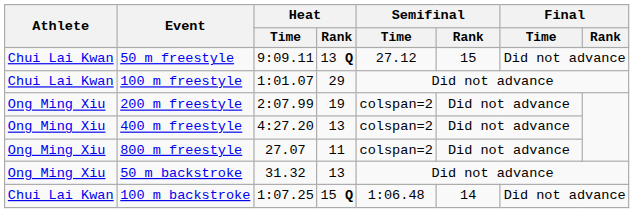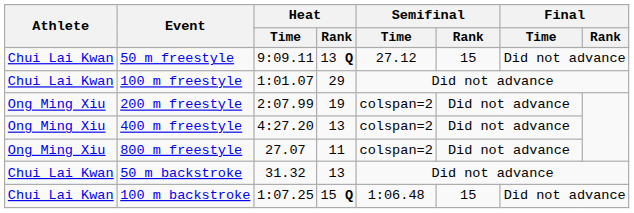 <table class=wikitable style=font-size:90%>
 <tr>
 <th rowspan=2>Athlete</th>
 <th rowspan=2>Event</th>
 <th colspan=2>Heat</th>
 <th colspan=2>Semifinal</th>
 <th colspan=2>Final</th>
 </tr>
 <tr style=font-size:95%>
 <th>Time</th>
 <th>Rank</th>
 <th>Time</th>
 <th>Rank</th>
 <th>Time</th>
 <th>Rank</th>
 </tr>
 <tr align=center>
 <td align=left><a href='#'>Chui Lai Kwan</a></td>
 <td align=left><a href='#'>50 m freestyle</a></td>
 <td>9:09.11</td>
 <td>13 <strong>Q</strong></td>
 <td>27.12</td>
 <td>15</td>
 <td colspan=2>Did not advance</td>
 </tr>
 <tr align=center>
 <td align=left><a href='#'>Chui Lai Kwan</a></td>
 <td align=left><a href='#'>100 m freestyle</a></td>
 <td>1:01.07</td>
 <td>29</td>
 <td colspan=4>Did not advance</td>
 </tr>
 <tr align=center>
 <td align=left><a href='#'>Ong Ming Xiu</a></td>
 <td align=left><a href='#'>200 m freestyle</a></td>
 <td>2:07.99</td>
 <td>19</td>
 <td>colspan=2 </td>
 <td colspan=2>Did not advance</td>
 </tr>
 <tr align=center>
 <td align=left><a href='#'>Ong Ming Xiu</a></td>
 <td align=left><a href='#'>400 m freestyle</a></td>
 <td>4:27.20</td>
 <td>13</td>
 <td>colspan=2 </td>
 <td colspan=2>Did not advance</td>
 </tr>
 <tr align=center>
 <td align=left><a href='#'>Ong Ming Xiu</a></td>
 <td align=left><a href='#'>800 m freestyle</a></td>
 <td>27.07</td>
 <td>11</td>
 <td>colspan=2 </td>
 <td colspan=2>Did not advance</td>
 </tr>
 <tr align=center>
-<td align=left><a href='#'>Ong Ming Xiu</a></td>
+<td align=left><a href='#'>Chui Lai Kwan</a></td>
 <td align=left><a href='#'>50 m backstroke</a></td>
 <td>31.32</td>
 <td>13</td>
 <td colspan=4>Did not advance</td>
 </tr>
 <tr align=center>
 <td align=left><a href='#'>Chui Lai Kwan</a></td>
 <td align=left><a href='#'>100 m backstroke</a></td>
 <td>1:07.25</td>
 <td>15 <strong>Q</strong></td>
 <td>1:06.48</td>
-<td>14</td>
+<td>15</td>
 <td colspan=2>Did not advance</td>
 </tr>
 </table>
